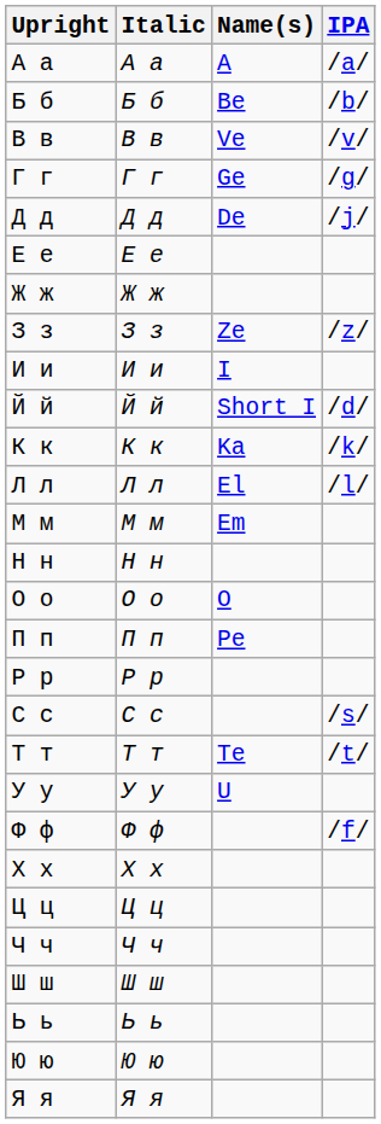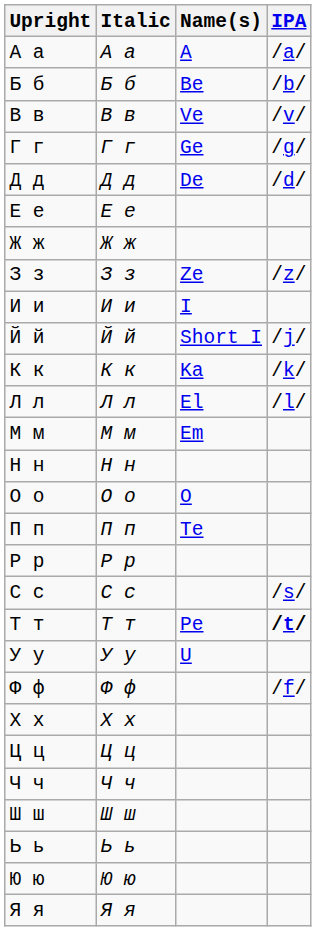 <table class="wikitable" style="white-space:nowrap; text-align:left;" summary="Twenty-nine Cyrillic letters common to most national alphabets, showing each one's italic form, most common name and represented sound">
 <tr>
 <th>Upright</th>
 <th>Italic</th>
 <th>Name(s)</th>
 <th><a href='#'>IPA</a></th>
 </tr>
 <tr>
 <td>А а</td>
 <td><em>А а</em></td>
 <td><a href='#'>A</a></td>
 <td>/<a href='#'>a</a>/</td>
 </tr>
 <tr>
 <td>Б б</td>
 <td><em>Б б</em></td>
 <td><a href='#'>Be</a></td>
 <td>/<a href='#'>b</a>/</td>
 </tr>
 <tr>
 <td>В в</td>
 <td><em>В в</em></td>
 <td><a href='#'>Ve</a></td>
 <td>/<a href='#'>v</a>/</td>
 </tr>
 <tr>
 <td>Г г</td>
 <td><em>Г г</em></td>
 <td><a href='#'>Ge</a></td>
 <td>/<a href='#'>g</a>/</td>
 </tr>
 <tr>
 <td>Д д</td>
 <td><em>Д д</em></td>
 <td><a href='#'>De</a></td>
-<td>/<a href='#'>j</a>/</td>
+<td>/<a href='#'>d</a>/</td>
 </tr>
 <tr>
 <td>Е е</td>
 <td><em>Е е</em></td>
 <td></td>
 <td></td>
 </tr>
 <tr>
 <td>Ж ж</td>
 <td><em>Ж ж</em></td>
 <td></td>
 <td></td>
 </tr>
 <tr>
 <td>З з</td>
 <td><em>З з</em></td>
 <td><a href='#'>Ze</a></td>
 <td>/<a href='#'>z</a>/</td>
 </tr>
 <tr>
 <td>И и</td>
 <td><em>И и</em></td>
 <td><a href='#'>I</a></td>
 <td></td>
 </tr>
 <tr>
 <td>Й й</td>
 <td><em>Й й</em></td>
 <td><a href='#'>Short I</a></td>
-<td>/<a href='#'>d</a>/</td>
+<td>/<a href='#'>j</a>/</td>
 </tr>
 <tr>
 <td>К к</td>
 <td><em>К к</em></td>
 <td><a href='#'>Ka</a></td>
 <td>/<a href='#'>k</a>/</td>
 </tr>
 <tr>
 <td>Л л</td>
 <td><em>Л л</em></td>
 <td><a href='#'>El</a></td>
 <td>/<a href='#'>l</a>/</td>
 </tr>
 <tr>
 <td>М м</td>
 <td><em>М м</em></td>
 <td><a href='#'>Em</a></td>
 <td></td>
 </tr>
 <tr>
 <td>Н н</td>
 <td><em>Н н</em></td>
 <td></td>
 <td></td>
 </tr>
 <tr>
 <td>О о</td>
 <td><em>О о</em></td>
 <td><a href='#'>O</a></td>
 <td></td>
 </tr>
 <tr>
 <td>П п</td>
 <td><em>П п</em></td>
-<td><a href='#'>Pe</a></td>
+<td><a href='#'>Te</a></td>
 <td></td>
 </tr>
 <tr>
 <td>Р р</td>
 <td><em>Р р</em></td>
 <td></td>
 <td></td>
 </tr>
 <tr>
 <td>С с</td>
 <td><em>С с</em></td>
 <td></td>
 <td>/<a href='#'>s</a>/</td>
 </tr>
 <tr>
 <td>Т т</td>
 <td><em>Т т</em></td>
-<td><a href='#'>Te</a></td>
-<td>/<a href='#'>t</a>/</td>
+<td><a href='#'>Pe</a></td>
+<td><strong>/<a href='#'>t</a>/</strong></td>
 </tr>
 <tr>
 <td>У у</td>
 <td><em>У у</em></td>
 <td><a href='#'>U</a></td>
 <td></td>
 </tr>
 <tr>
 <td>Ф ф</td>
 <td><em>Ф ф</em></td>
 <td></td>
 <td>/<a href='#'>f</a>/</td>
 </tr>
 <tr>
 <td>Х х</td>
 <td><em>Х х</em></td>
 <td></td>
 <td></td>
 </tr>
 <tr>
 <td>Ц ц</td>
 <td><em>Ц ц</em></td>
 <td></td>
 <td></td>
 </tr>
 <tr>
 <td>Ч ч</td>
 <td><em>Ч ч</em></td>
 <td></td>
 <td></td>
 </tr>
 <tr>
 <td>Ш ш</td>
 <td><em>Ш ш</em></td>
 <td></td>
 <td></td>
 </tr>
 <tr>
 <td>Ь ь</td>
 <td><em>Ь ь</em></td>
 <td></td>
 <td></td>
 </tr>
 <tr>
 <td>Ю ю</td>
 <td><em>Ю ю</em></td>
 <td></td>
 <td></td>
 </tr>
 <tr>
 <td>Я я</td>
 <td><em>Я я</em></td>
 <td></td>
 <td></td>
 </tr>
 </table>
